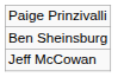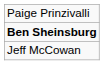 <table class="wikitable">
 <tr>
 <td>Paige Prinzivalli</td>
 </tr>
 <tr>
-<td>Ben Sheinsburg</td>
+<td><strong>Ben Sheinsburg</strong></td>
 </tr>
 <tr>
 <td>Jeff McCowan</td>
 </tr>
 </table>
